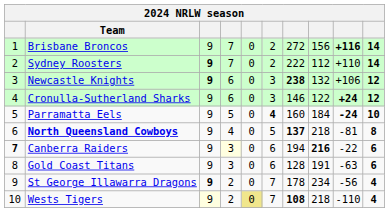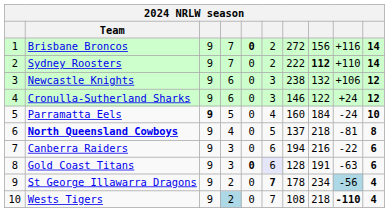 <table class="wikitable" style="text-align:center;">
 <tr>
 <th colspan="11">2024 NRLW season</th>
 </tr>
 <tr>
 <th width="20"></th>
 <th>Team</th>
 <th width="20"></th>
 <th width="20"></th>
 <th width="20"></th>
 <th width="20"></th>
 <th width="25"></th>
 <th width="25"></th>
 <th width="30"></th>
 <th width="20"></th>
 </tr>
 <tr style="background: #ccffcc;">
 <td>1</td>
 <td align=left> <a href='#'>Brisbane Broncos</a></td>
 <td>9</td>
 <td>7</td>
-<td>0</td>
+<td><strong>0</strong></td>
 <td>2</td>
 <td>272</td>
 <td>156</td>
-<td><strong>+116</strong></td>
+<td>+116</td>
 <td><strong>14</strong></td>
 </tr>
 <tr style="background: #ccffcc;">
 <td>2</td>
 <td align=left> <a href='#'>Sydney Roosters</a></td>
-<td><strong>9</strong></td>
+<td>9</td>
 <td>7</td>
 <td>0</td>
 <td>2</td>
 <td>222</td>
-<td>112</td>
+<td><strong>112</strong></td>
 <td>+110</td>
 <td><strong>14</strong></td>
 </tr>
 <tr style="background: #ccffcc;">
 <td>3</td>
 <td align=left> <a href='#'>Newcastle Knights</a></td>
-<td><strong>9</strong></td>
+<td>9</td>
 <td>6</td>
 <td>0</td>
 <td>3</td>
-<td><strong>238</strong></td>
+<td>238</td>
 <td>132</td>
 <td>+106</td>
 <td><strong>12</strong></td>
 </tr>
 <tr style="background: #ccffcc;">
 <td>4</td>
 <td align=left> <a href='#'>Cronulla-Sutherland Sharks</a></td>
 <td>9</td>
 <td>6</td>
 <td>0</td>
 <td>3</td>
 <td>146</td>
 <td>122</td>
-<td><strong>+24</strong></td>
+<td>+24</td>
 <td><strong>12</strong></td>
 </tr>
 <tr>
 <td>5</td>
 <td align=left> <a href='#'>Parramatta Eels</a></td>
-<td>9</td>
+<td><strong>9</strong></td>
 <td>5</td>
 <td>0</td>
-<td><strong>4</strong></td>
+<td>4</td>
 <td>160</td>
 <td>184</td>
-<td><strong>-24</strong></td>
+<td>-24</td>
 <td><strong>10</strong></td>
 </tr>
 <tr>
 <td>6</td>
 <td align=left> <strong><a href='#'>North Queensland Cowboys</a></strong></td>
 <td>9</td>
 <td>4</td>
 <td>0</td>
 <td>5</td>
-<td><strong>137</strong></td>
+<td>137</td>
 <td>218</td>
 <td>-81</td>
 <td><strong>8</strong></td>
 </tr>
 <tr>
-<td><strong>7</strong></td>
+<td>7</td>
 <td align=left> <a href='#'>Canberra Raiders</a></td>
 <td>9</td>
-<td style="background: lightyellow;">3</td>
+<td>3</td>
 <td>0</td>
 <td>6</td>
 <td>194</td>
-<td><strong>216</strong></td>
+<td>216</td>
 <td>-22</td>
 <td><strong>6</strong></td>
 </tr>
 <tr>
 <td>8</td>
 <td align=left> <a href='#'>Gold Coast Titans</a></td>
 <td>9</td>
 <td>3</td>
-<td>0</td>
-<td>6</td>
+<td><strong>0</strong></td>
+<td style="background: lavender;">6</td>
 <td>128</td>
 <td>191</td>
 <td>-63</td>
 <td><strong>6</strong></td>
 </tr>
 <tr>
 <td>9</td>
 <td align=left> <a href='#'>St George Illawarra Dragons</a></td>
-<td><strong>9</strong></td>
+<td>9</td>
 <td>2</td>
 <td>0</td>
-<td>7</td>
+<td><strong>7</strong></td>
 <td>178</td>
 <td>234</td>
-<td>-56</td>
+<td style="background: lightblue;">-56</td>
 <td><strong>4</strong></td>
 </tr>
 <tr>
 <td>10</td>
 <td align=left> <a href='#'>Wests Tigers</a></td>
-<td style="background: lightyellow;">9</td>
-<td>2</td>
-<td style="background: khaki;">0</td>
+<td>9</td>
+<td style="background: lightblue;">2</td>
+<td>0</td>
 <td>7</td>
-<td><strong>108</strong></td>
+<td>108</td>
 <td>218</td>
-<td>-110</td>
+<td><strong>-110</strong></td>
 <td><strong>4</strong></td>
 </tr>
 </table>
